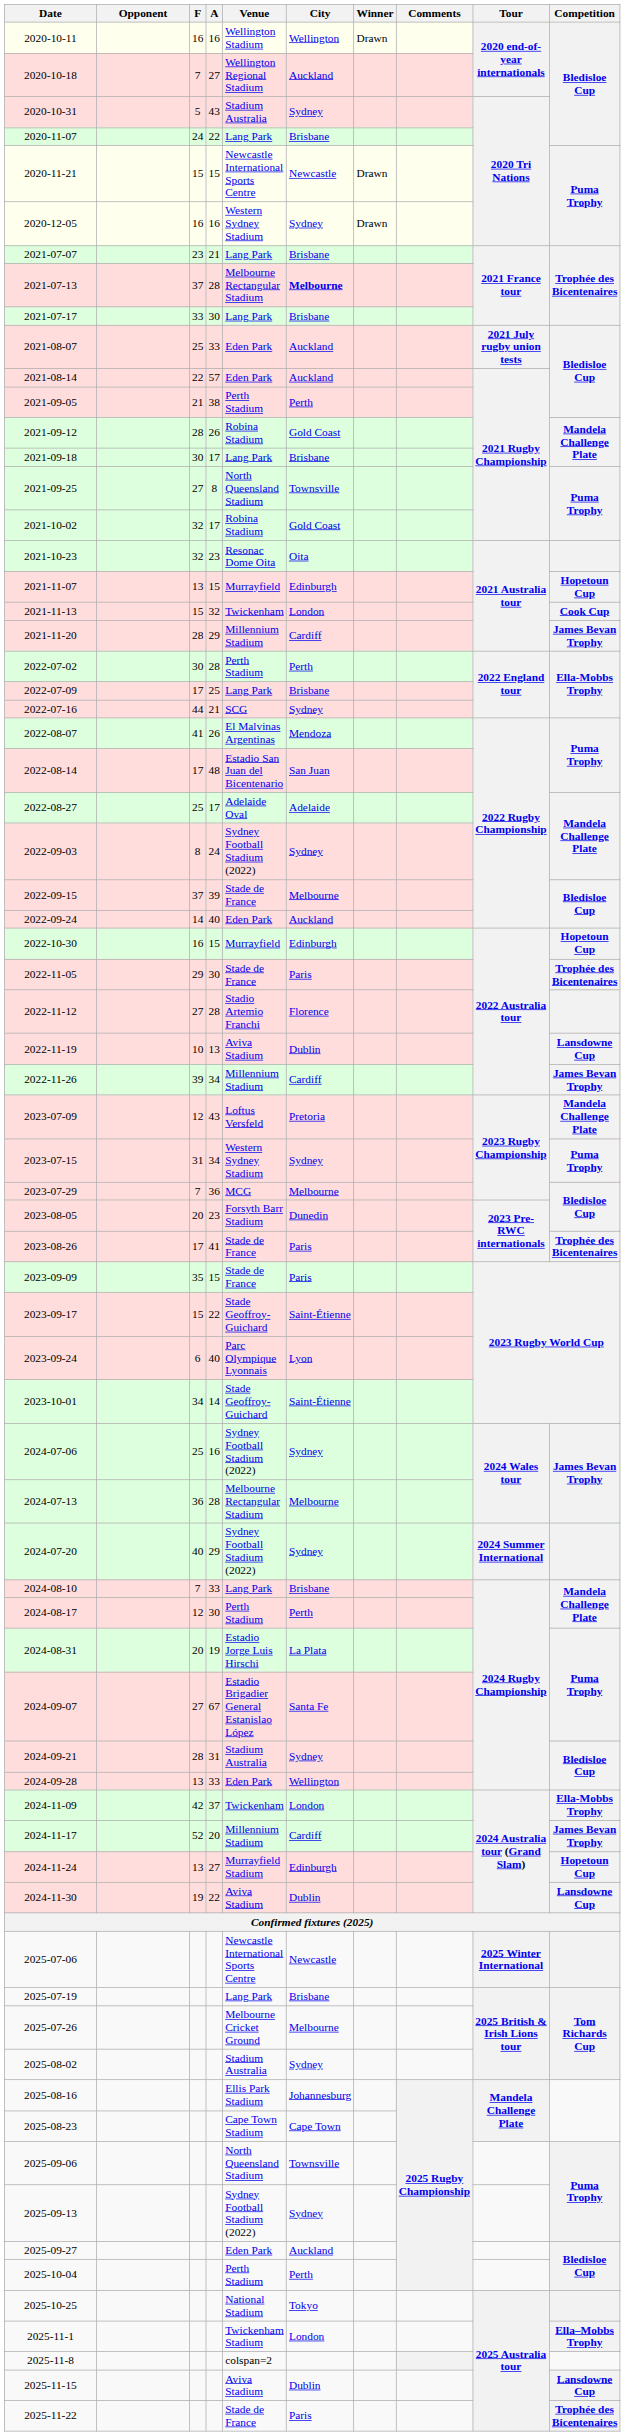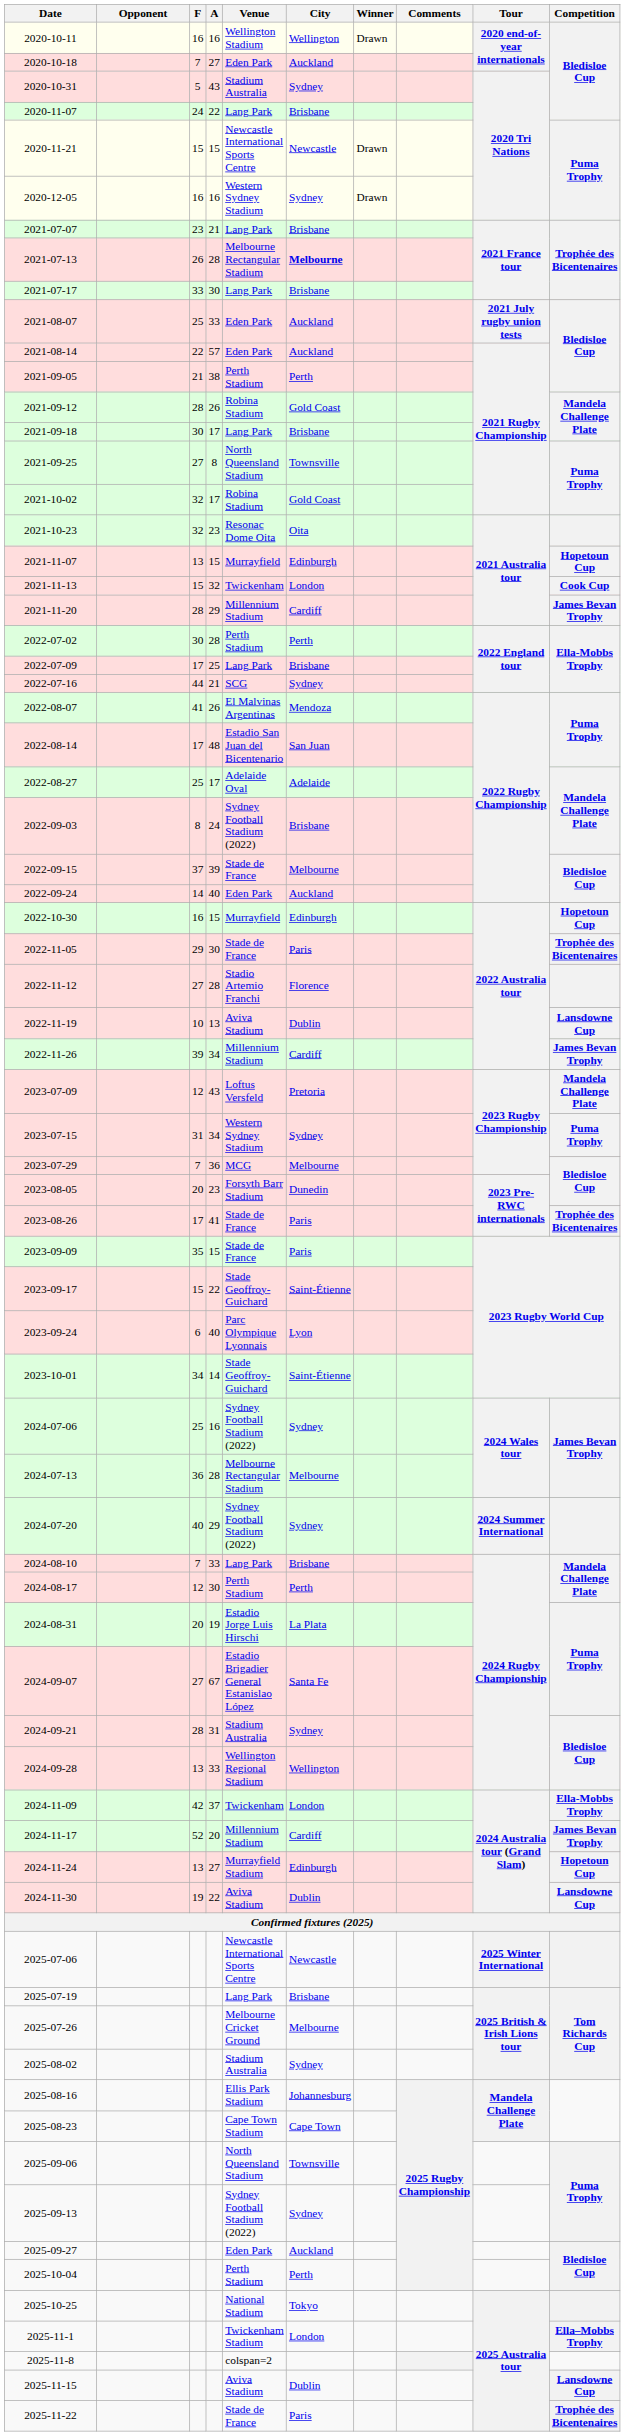 <table class="wikitable sortable">
 <tr>
 <th width=125>Date</th>
 <th width=125>Opponent</th>
 <th>F</th>
 <th>A</th>
 <th>Venue</th>
 <th>City</th>
 <th>Winner</th>
 <th>Comments</th>
 <th>Tour</th>
 <th>Competition</th>
 </tr>
 <tr bgcolor="#FFFFEE">
 <td align=center>2020-10-11</td>
 <td></td>
 <td align=center>16</td>
 <td align=center>16</td>
 <td><a href='#'>Wellington Stadium</a></td>
 <td> <a href='#'>Wellington</a></td>
 <td>Drawn</td>
 <td></td>
 <th rowspan=2 align=center><a href='#'>2020 end-of-year internationals</a></th>
 <th rowspan=4 align=center><a href='#'>Bledisloe Cup</a></th>
 </tr>
 <tr bgcolor="#ffdddd">
 <td align=center>2020-10-18</td>
 <td></td>
 <td align=center>7</td>
 <td align=center>27</td>
-<td><a href='#'>Wellington Regional Stadium</a></td>
+<td><a href='#'>Eden Park</a></td>
 <td> <a href='#'>Auckland</a></td>
 <td></td>
 <td></td>
 </tr>
 <tr bgcolor="#ffdddd">
 <td align=center>2020-10-31</td>
 <td></td>
 <td align=center>5</td>
 <td align=center>43</td>
 <td><a href='#'>Stadium Australia</a></td>
 <td> <a href='#'>Sydney</a></td>
 <td></td>
 <td></td>
 <th rowspan=4 align=center><a href='#'>2020 Tri Nations</a></th>
 </tr>
 <tr bgcolor="#ddffdd">
 <td align=center>2020-11-07</td>
 <td></td>
 <td align=center>24</td>
 <td align=center>22</td>
 <td><a href='#'>Lang Park</a></td>
 <td> <a href='#'>Brisbane</a></td>
 <td></td>
 <td></td>
 </tr>
 <tr bgcolor="#FFFFEE">
 <td align=center>2020-11-21</td>
 <td></td>
 <td align=center>15</td>
 <td align=center>15</td>
 <td><a href='#'>Newcastle International Sports Centre</a></td>
 <td> <a href='#'>Newcastle</a></td>
 <td>Drawn</td>
 <td></td>
 <th rowspan=2 align=center><a href='#'>Puma Trophy</a></th>
 </tr>
 <tr bgcolor="#FFFFEE">
 <td align=center>2020-12-05</td>
 <td></td>
 <td align=center>16</td>
 <td align=center>16</td>
 <td><a href='#'>Western Sydney Stadium</a></td>
 <td> <a href='#'>Sydney</a></td>
 <td>Drawn</td>
 <td></td>
 </tr>
 <tr bgcolor="#ddffdd">
 <td align=center>2021-07-07</td>
 <td></td>
 <td align=center>23</td>
 <td align=center>21</td>
 <td><a href='#'>Lang Park</a></td>
 <td> <a href='#'>Brisbane</a></td>
 <td></td>
 <td></td>
 <th rowspan=3 align=center><a href='#'>2021 France tour</a></th>
 <th rowspan=3 align=center><a href='#'>Trophée des Bicentenaires</a></th>
 </tr>
 <tr bgcolor="#ffdddd">
 <td align=center>2021-07-13</td>
 <td></td>
-<td align=center>37</td>
+<td align=center>26</td>
 <td align=center>28</td>
 <td><a href='#'>Melbourne Rectangular Stadium</a></td>
 <td><strong> <a href='#'>Melbourne</a></strong></td>
 <td></td>
 <td></td>
 </tr>
 <tr bgcolor="#ddffdd">
 <td align=center>2021-07-17</td>
 <td></td>
 <td align=center>33</td>
 <td align=center>30</td>
 <td><a href='#'>Lang Park</a></td>
 <td> <a href='#'>Brisbane</a></td>
 <td></td>
 <td></td>
 </tr>
 <tr bgcolor="#ffdddd">
 <td align=center>2021-08-07</td>
 <td></td>
 <td align=center>25</td>
 <td align=center>33</td>
 <td><a href='#'>Eden Park</a></td>
 <td> <a href='#'>Auckland</a></td>
 <td></td>
 <td></td>
 <th><a href='#'>2021 July rugby union tests</a></th>
 <th rowspan=3 align=center><a href='#'>Bledisloe Cup</a></th>
 </tr>
 <tr bgcolor="#ffdddd">
 <td align=center>2021-08-14</td>
 <td></td>
 <td align=center>22</td>
 <td align=center>57</td>
 <td><a href='#'>Eden Park</a></td>
 <td> <a href='#'>Auckland</a></td>
 <td></td>
 <td></td>
 <th rowspan=6 align=center><a href='#'>2021 Rugby Championship</a></th>
 </tr>
 <tr bgcolor="#ffdddd">
 <td align=center>2021-09-05</td>
 <td></td>
 <td align=center>21</td>
 <td align=center>38</td>
 <td><a href='#'>Perth Stadium</a></td>
 <td> <a href='#'>Perth</a></td>
 <td></td>
 <td></td>
 </tr>
 <tr bgcolor="#ddffdd">
 <td align=center>2021-09-12</td>
 <td></td>
 <td align=center>28</td>
 <td align=center>26</td>
 <td><a href='#'>Robina Stadium</a></td>
 <td> <a href='#'>Gold Coast</a></td>
 <td></td>
 <td></td>
 <th rowspan=2 align=center><a href='#'>Mandela Challenge Plate</a></th>
 </tr>
 <tr bgcolor="#ddffdd">
 <td align=center>2021-09-18</td>
 <td></td>
 <td align=center>30</td>
 <td align=center>17</td>
 <td><a href='#'>Lang Park</a></td>
 <td> <a href='#'>Brisbane</a></td>
 <td></td>
 <td></td>
 </tr>
 <tr bgcolor="#ddffdd">
 <td align=center>2021-09-25</td>
 <td></td>
 <td align=center>27</td>
 <td align=center>8</td>
 <td><a href='#'>North Queensland Stadium</a></td>
 <td> <a href='#'>Townsville</a></td>
 <td></td>
 <td></td>
 <th rowspan=2 align=center><a href='#'>Puma Trophy</a></th>
 </tr>
 <tr bgcolor="#ddffdd">
 <td align=center>2021-10-02</td>
 <td></td>
 <td align=center>32</td>
 <td align=center>17</td>
 <td><a href='#'>Robina Stadium</a></td>
 <td> <a href='#'>Gold Coast</a></td>
 <td></td>
 <td></td>
 </tr>
 <tr bgcolor="#ddffdd">
 <td align=center>2021-10-23</td>
 <td></td>
 <td align=center>32</td>
 <td align=center>23</td>
 <td><a href='#'>Resonac Dome Oita</a></td>
 <td> <a href='#'>Oita</a></td>
 <td></td>
 <td></td>
 <th rowspan=4 align=center><a href='#'>2021 Australia tour</a></th>
 <th></th>
 </tr>
 <tr bgcolor="#ffdddd">
 <td align=center>2021-11-07</td>
 <td></td>
 <td align=center>13</td>
 <td align=center>15</td>
 <td><a href='#'>Murrayfield</a></td>
 <td> <a href='#'>Edinburgh</a></td>
 <td></td>
 <td></td>
 <th align=center><a href='#'>Hopetoun Cup</a></th>
 </tr>
 <tr bgcolor="#ffdddd">
 <td align=center>2021-11-13</td>
 <td></td>
 <td align=center>15</td>
 <td align=center>32</td>
 <td><a href='#'>Twickenham</a></td>
 <td> <a href='#'>London</a></td>
 <td></td>
 <td></td>
 <th align=center><a href='#'>Cook Cup</a></th>
 </tr>
 <tr bgcolor="#ffdddd">
 <td align=center>2021-11-20</td>
 <td></td>
 <td align=center>28</td>
 <td align=center>29</td>
 <td><a href='#'>Millennium Stadium</a></td>
 <td> <a href='#'>Cardiff</a></td>
 <td></td>
 <td></td>
 <th align=center><a href='#'>James Bevan Trophy</a></th>
 </tr>
 <tr bgcolor="#ddffdd">
 <td align=center>2022-07-02</td>
 <td></td>
 <td align=center>30</td>
 <td align=center>28</td>
 <td><a href='#'>Perth Stadium</a></td>
 <td> <a href='#'>Perth</a></td>
 <td></td>
 <td></td>
 <th rowspan=3 align=center><a href='#'>2022 England tour</a></th>
 <th rowspan=3 align=center><a href='#'>Ella-Mobbs Trophy</a></th>
 </tr>
 <tr bgcolor="#ffdddd">
 <td align=center>2022-07-09</td>
 <td></td>
 <td align=center>17</td>
 <td align=center>25</td>
 <td><a href='#'>Lang Park</a></td>
 <td> <a href='#'>Brisbane</a></td>
 <td></td>
 <td></td>
 </tr>
 <tr bgcolor="#ffdddd">
 <td align=center>2022-07-16</td>
 <td></td>
 <td align=center>44</td>
 <td align=center>21</td>
 <td><a href='#'>SCG</a></td>
 <td> <a href='#'>Sydney</a></td>
 <td></td>
 <td></td>
 </tr>
 <tr bgcolor="#ddffdd">
 <td align=center>2022-08-07</td>
 <td></td>
 <td align=center>41</td>
 <td align=center>26</td>
 <td><a href='#'>El Malvinas Argentinas</a></td>
 <td> <a href='#'>Mendoza</a></td>
 <td></td>
 <td></td>
 <th rowspan=6 align=center><a href='#'>2022 Rugby Championship</a></th>
 <th rowspan=2 align=center><a href='#'>Puma Trophy</a></th>
 </tr>
 <tr bgcolor="#ffdddd">
 <td align=center>2022-08-14</td>
 <td></td>
 <td align=center>17</td>
 <td align=center>48</td>
 <td><a href='#'>Estadio San Juan del Bicentenario</a></td>
 <td> <a href='#'>San Juan</a></td>
 <td></td>
 <td></td>
 </tr>
 <tr bgcolor="#ddffdd">
 <td align=center>2022-08-27</td>
 <td></td>
 <td align=center>25</td>
 <td align=center>17</td>
 <td><a href='#'>Adelaide Oval</a></td>
 <td> <a href='#'>Adelaide</a></td>
 <td></td>
 <td></td>
 <th rowspan=2 align=center><a href='#'>Mandela Challenge Plate</a></th>
 </tr>
 <tr bgcolor="#ffdddd">
 <td align=center>2022-09-03</td>
 <td></td>
 <td align=center>8</td>
 <td align=center>24</td>
 <td><a href='#'>Sydney Football Stadium</a> (2022)</td>
-<td> <a href='#'>Sydney</a></td>
+<td> <a href='#'>Brisbane</a></td>
 <td></td>
 <td></td>
 </tr>
 <tr bgcolor="#ffdddd">
 <td align=center>2022-09-15</td>
 <td></td>
 <td align=center>37</td>
 <td align=center>39</td>
 <td><a href='#'>Stade de France</a></td>
 <td> <a href='#'>Melbourne</a></td>
 <td></td>
 <td></td>
 <th rowspan=2 align=center><a href='#'>Bledisloe Cup</a></th>
 </tr>
 <tr bgcolor="#ffdddd">
 <td align=center>2022-09-24</td>
 <td></td>
 <td align=center>14</td>
 <td align=center>40</td>
 <td><a href='#'>Eden Park</a></td>
 <td> <a href='#'>Auckland</a></td>
 <td></td>
 <td></td>
 </tr>
 <tr bgcolor="#ddffdd">
 <td align=center>2022-10-30</td>
 <td></td>
 <td align=center>16</td>
 <td align=center>15</td>
 <td><a href='#'>Murrayfield</a></td>
 <td> <a href='#'>Edinburgh</a></td>
 <td></td>
 <td></td>
 <th rowspan=5 align=center><a href='#'>2022 Australia tour</a></th>
 <th align=center><a href='#'>Hopetoun Cup</a></th>
 </tr>
 <tr bgcolor="#ffdddd">
 <td align=center>2022-11-05</td>
 <td></td>
 <td align=center>29</td>
 <td align=center>30</td>
 <td><a href='#'>Stade de France</a></td>
 <td> <a href='#'>Paris</a></td>
 <td></td>
 <td></td>
 <th align=center><a href='#'>Trophée des Bicentenaires</a></th>
 </tr>
 <tr bgcolor="#ffdddd">
 <td align=center>2022-11-12</td>
 <td></td>
 <td align=center>27</td>
 <td align=center>28</td>
 <td><a href='#'>Stadio Artemio Franchi</a></td>
 <td> <a href='#'>Florence</a></td>
 <td></td>
 <td></td>
 <th></th>
 </tr>
 <tr bgcolor="#ffdddd">
 <td align=center>2022-11-19</td>
 <td></td>
 <td align=center>10</td>
 <td align=center>13</td>
 <td><a href='#'>Aviva Stadium</a></td>
 <td> <a href='#'>Dublin</a></td>
 <td></td>
 <td></td>
 <th align=center><a href='#'>Lansdowne Cup</a></th>
 </tr>
 <tr bgcolor="#ddffdd">
 <td align=center>2022-11-26</td>
 <td></td>
 <td align=center>39</td>
 <td align=center>34</td>
 <td><a href='#'>Millennium Stadium</a></td>
 <td> <a href='#'>Cardiff</a></td>
 <td></td>
 <td></td>
 <th align=center><a href='#'>James Bevan Trophy</a></th>
 </tr>
 <tr bgcolor="#ffdddd">
 <td align=center>2023-07-09</td>
 <td></td>
 <td align=center>12</td>
 <td align=center>43</td>
 <td><a href='#'>Loftus Versfeld</a></td>
 <td> <a href='#'>Pretoria</a></td>
 <td></td>
 <td></td>
 <th rowspan=3 align=center><a href='#'>2023 Rugby Championship</a></th>
 <th align=center><a href='#'>Mandela Challenge Plate</a></th>
 </tr>
 <tr bgcolor="#ffdddd">
 <td align=center>2023-07-15</td>
 <td></td>
 <td align=center>31</td>
 <td align=center>34</td>
 <td><a href='#'>Western Sydney Stadium</a></td>
 <td> <a href='#'>Sydney</a></td>
 <td></td>
 <td></td>
 <th align=center><a href='#'>Puma Trophy</a></th>
 </tr>
 <tr bgcolor="#ffdddd">
 <td align=center>2023-07-29</td>
 <td></td>
 <td align=center>7</td>
 <td align=center>36</td>
 <td><a href='#'>MCG</a></td>
 <td> <a href='#'>Melbourne</a></td>
 <td></td>
 <td></td>
 <th rowspan=2 align=center><a href='#'>Bledisloe Cup</a></th>
 </tr>
 <tr bgcolor="#ffdddd">
 <td align=center>2023-08-05</td>
 <td></td>
 <td align=center>20</td>
 <td align=center>23</td>
 <td><a href='#'>Forsyth Barr Stadium</a></td>
 <td> <a href='#'>Dunedin</a></td>
 <td></td>
 <td></td>
 <th rowspan=2 align=center><a href='#'>2023 Pre-RWC internationals</a></th>
 </tr>
 <tr bgcolor="#ffdddd">
 <td align=center>2023-08-26</td>
 <td></td>
 <td align=center>17</td>
 <td align=center>41</td>
 <td><a href='#'>Stade de France</a></td>
 <td> <a href='#'>Paris</a></td>
 <td></td>
 <td></td>
 <th align=center><a href='#'>Trophée des Bicentenaires</a></th>
 </tr>
 <tr bgcolor="#ddffdd">
 <td align=center>2023-09-09</td>
 <td></td>
 <td align=center>35</td>
 <td align=center>15</td>
 <td><a href='#'>Stade de France</a></td>
 <td> <a href='#'>Paris</a></td>
 <td></td>
 <td></td>
 <th rowspan=4 colspan=2 align=center><a href='#'>2023 Rugby World Cup</a></th>
 </tr>
 <tr bgcolor="#ffdddd">
 <td align=center>2023-09-17</td>
 <td></td>
 <td align=center>15</td>
 <td align=center>22</td>
 <td><a href='#'>Stade Geoffroy-Guichard</a></td>
 <td> <a href='#'>Saint-Étienne</a></td>
 <td> </td>
 <td></td>
 </tr>
 <tr bgcolor="#ffdddd">
 <td align=center>2023-09-24</td>
 <td></td>
 <td align=center>6</td>
 <td align=center>40</td>
 <td><a href='#'>Parc Olympique Lyonnais</a></td>
 <td> <a href='#'>Lyon</a></td>
 <td></td>
 <td></td>
 </tr>
 <tr bgcolor="#ddffdd">
 <td align=center>2023-10-01</td>
 <td></td>
 <td align=center>34</td>
 <td align=center>14</td>
 <td><a href='#'>Stade Geoffroy-Guichard</a></td>
 <td> <a href='#'>Saint-Étienne</a></td>
 <td></td>
 <td></td>
 </tr>
 <tr bgcolor="#ddffdd">
 <td align=center>2024-07-06</td>
 <td></td>
 <td align=center>25</td>
 <td align=center>16</td>
 <td><a href='#'>Sydney Football Stadium</a> (2022)</td>
 <td> <a href='#'>Sydney</a></td>
 <td></td>
 <td></td>
 <th rowspan=2 align=center><a href='#'>2024 Wales tour</a></th>
 <th align=center rowspan=2><a href='#'>James Bevan Trophy</a></th>
 </tr>
 <tr bgcolor="#ddffdd">
 <td align=center>2024-07-13</td>
 <td></td>
 <td align=center>36</td>
 <td align=center>28</td>
 <td><a href='#'>Melbourne Rectangular Stadium</a></td>
 <td> <a href='#'>Melbourne</a></td>
 <td></td>
 <td></td>
 </tr>
 <tr bgcolor="#ddffdd">
 <td align=center>2024-07-20</td>
 <td></td>
 <td align=center>40</td>
 <td align=center>29</td>
 <td><a href='#'>Sydney Football Stadium</a> (2022)</td>
 <td> <a href='#'>Sydney</a></td>
 <td></td>
 <td></td>
 <th><a href='#'>2024 Summer International</a></th>
 <th></th>
 </tr>
 <tr bgcolor="#ffdddd">
 <td align=center>2024-08-10</td>
 <td></td>
 <td align=center>7</td>
 <td align=center>33</td>
 <td><a href='#'>Lang Park</a></td>
 <td> <a href='#'>Brisbane</a></td>
 <td></td>
 <td></td>
 <th rowspan=6 align=center><a href='#'>2024 Rugby Championship</a></th>
 <th align=center rowspan=2><a href='#'>Mandela Challenge Plate</a></th>
 </tr>
 <tr bgcolor="#ffdddd">
 <td align=center>2024-08-17</td>
 <td></td>
 <td align=center>12</td>
 <td align=center>30</td>
 <td><a href='#'>Perth Stadium</a></td>
 <td> <a href='#'>Perth</a></td>
 <td></td>
 <td></td>
 </tr>
 <tr bgcolor="#ddffdd">
 <td align=center>2024-08-31</td>
 <td></td>
 <td align=center>20</td>
 <td align=center>19</td>
 <td><a href='#'>Estadio Jorge Luis Hirschi</a></td>
 <td> <a href='#'>La Plata</a></td>
 <td></td>
 <td></td>
 <th align=center rowspan=2><a href='#'>Puma Trophy</a></th>
 </tr>
 <tr bgcolor="#ffdddd">
 <td align=center>2024-09-07</td>
 <td></td>
 <td align=center>27</td>
 <td align=center>67</td>
 <td><a href='#'>Estadio Brigadier General Estanislao López</a></td>
 <td> <a href='#'>Santa Fe</a></td>
 <td></td>
 <td></td>
 </tr>
 <tr bgcolor="#ffdddd">
 <td align=center>2024-09-21</td>
 <td></td>
 <td align=center>28</td>
 <td align=center>31</td>
 <td><a href='#'>Stadium Australia</a></td>
 <td> <a href='#'>Sydney</a></td>
 <td></td>
 <td></td>
 <th align=center rowspan=2><a href='#'>Bledisloe Cup</a></th>
 </tr>
 <tr bgcolor="#ffdddd">
 <td align=center>2024-09-28</td>
 <td></td>
 <td align=center>13</td>
 <td align=center>33</td>
-<td><a href='#'>Eden Park</a></td>
+<td><a href='#'>Wellington Regional Stadium</a></td>
 <td> <a href='#'>Wellington</a></td>
 <td></td>
 <td></td>
 </tr>
 <tr bgcolor="#ddffdd">
 <td align=center>2024-11-09</td>
 <td></td>
 <td align=center>42</td>
 <td align=center>37</td>
 <td><a href='#'>Twickenham</a></td>
 <td> <a href='#'>London</a></td>
 <td></td>
 <td></td>
 <th align=center rowspan=4><a href='#'>2024 Australia tour</a> (<a href='#'>Grand Slam</a>)</th>
 <th align=center><a href='#'>Ella-Mobbs Trophy</a></th>
 </tr>
 <tr bgcolor="#ddffdd">
 <td align=center>2024-11-17</td>
 <td></td>
 <td align=center>52</td>
 <td align=center>20</td>
 <td><a href='#'>Millennium Stadium</a></td>
 <td> <a href='#'>Cardiff</a></td>
 <td></td>
 <td></td>
 <th align=center><a href='#'>James Bevan Trophy</a></th>
 </tr>
 <tr bgcolor="#ffdddd">
 <td align=center>2024-11-24</td>
 <td></td>
 <td align=center>13</td>
 <td align=center>27</td>
 <td><a href='#'>Murrayfield Stadium</a></td>
 <td> <a href='#'>Edinburgh</a></td>
 <td></td>
 <td></td>
 <th align=center><a href='#'>Hopetoun Cup</a></th>
 </tr>
 <tr bgcolor="#ffdddd">
 <td align=center>2024-11-30</td>
 <td></td>
 <td align=center>19</td>
 <td align=center>22</td>
 <td><a href='#'>Aviva Stadium</a></td>
 <td> <a href='#'>Dublin</a></td>
 <td></td>
 <td></td>
 <th align=center><a href='#'>Lansdowne Cup</a></th>
 </tr>
 <tr>
 <th colspan=10><em>Confirmed fixtures (2025)</em></th>
 </tr>
 <tr>
 <td align=center>2025-07-06</td>
 <td></td>
 <td align=center></td>
 <td align=center></td>
 <td><a href='#'>Newcastle International Sports Centre</a></td>
 <td> <a href='#'>Newcastle</a></td>
 <td></td>
 <td></td>
 <th align=center><a href='#'>2025 Winter International</a></th>
 <th></th>
 </tr>
 <tr>
 <td align=center>2025-07-19</td>
 <td></td>
 <td align=center></td>
 <td align=center></td>
 <td><a href='#'>Lang Park</a></td>
 <td> <a href='#'>Brisbane</a></td>
 <td></td>
 <td></td>
 <th rowspan=3 align=center><a href='#'>2025 British & Irish Lions tour</a></th>
 <th rowspan=3 align=center><a href='#'>Tom Richards Cup</a></th>
 </tr>
 <tr>
 <td align=center>2025-07-26</td>
 <td></td>
 <td align=center></td>
 <td align=center></td>
 <td><a href='#'>Melbourne Cricket Ground</a></td>
 <td> <a href='#'>Melbourne</a></td>
 <td></td>
 <td></td>
 </tr>
 <tr>
 <td align=center>2025-08-02</td>
 <td></td>
 <td align=center></td>
 <td align=center></td>
 <td><a href='#'>Stadium Australia</a></td>
 <td> <a href='#'>Sydney</a></td>
 <td></td>
 <td></td>
 </tr>
 <tr>
 <td align=center>2025-08-16</td>
 <td></td>
 <td align=center></td>
 <td align=center></td>
 <td><a href='#'>Ellis Park Stadium</a></td>
 <td> <a href='#'>Johannesburg</a></td>
 <td></td>
 <th rowspan=6 align=center><a href='#'>2025 Rugby Championship</a></th>
 <th rowspan=2 align=center><a href='#'>Mandela Challenge Plate</a></th>
 </tr>
 <tr>
 <td align=center>2025-08-23</td>
 <td></td>
 <td align=center></td>
 <td align=center></td>
 <td><a href='#'>Cape Town Stadium</a></td>
 <td> <a href='#'>Cape Town</a></td>
 <td></td>
 </tr>
 <tr>
 <td align=center>2025-09-06</td>
 <td></td>
 <td align=center></td>
 <td align=center></td>
 <td><a href='#'>North Queensland Stadium</a></td>
 <td> <a href='#'>Townsville</a></td>
 <td></td>
 <td></td>
 <th rowspan=2 align=center><a href='#'>Puma Trophy</a></th>
 </tr>
 <tr>
 <td align=center>2025-09-13</td>
 <td></td>
 <td align=center></td>
 <td align=center></td>
 <td><a href='#'>Sydney Football Stadium</a> (2022)</td>
 <td> <a href='#'>Sydney</a></td>
 <td></td>
 <td></td>
 </tr>
 <tr>
 <td align=center>2025-09-27</td>
 <td></td>
 <td align=center></td>
 <td align=center></td>
 <td><a href='#'>Eden Park</a></td>
 <td> <a href='#'>Auckland</a></td>
 <td></td>
 <td></td>
 <th rowspan=2 align=center><a href='#'>Bledisloe Cup</a></th>
 </tr>
 <tr>
 <td align=center>2025-10-04</td>
 <td></td>
 <td align=center></td>
 <td align=center></td>
 <td><a href='#'>Perth Stadium</a></td>
 <td> <a href='#'>Perth</a></td>
 <td></td>
 <td></td>
 </tr>
 <tr>
 <td align=center>2025-10-25</td>
 <td></td>
 <td align=center></td>
 <td align=center></td>
 <td><a href='#'>National Stadium</a></td>
 <td> <a href='#'>Tokyo</a></td>
 <td></td>
 <td></td>
 <th rowspan=5 align=center><a href='#'>2025 Australia tour</a></th>
 <th></th>
 </tr>
 <tr>
 <td align=center>2025-11-1</td>
 <td></td>
 <td align=center></td>
 <td align=center></td>
 <td><a href='#'>Twickenham Stadium</a></td>
 <td> <a href='#'>London</a></td>
 <td></td>
 <td></td>
 <th><a href='#'>Ella–Mobbs Trophy</a></th>
 </tr>
 <tr>
 <td align=center>2025-11-8</td>
 <td></td>
 <td align=center></td>
 <td align=center></td>
 <td>colspan=2 </td>
 <td></td>
 <td></td>
 <th></th>
 </tr>
 <tr>
 <td align=center>2025-11-15</td>
 <td></td>
 <td align=center></td>
 <td align=center></td>
 <td><a href='#'>Aviva Stadium</a></td>
 <td> <a href='#'>Dublin</a></td>
 <td></td>
 <td></td>
 <th><a href='#'>Lansdowne Cup</a></th>
 </tr>
 <tr>
 <td align=center>2025-11-22</td>
 <td></td>
 <td align=center></td>
 <td align=center></td>
 <td><a href='#'>Stade de France</a></td>
 <td> <a href='#'>Paris</a></td>
 <td></td>
 <td></td>
 <th><a href='#'>Trophée des Bicentenaires</a></th>
 </tr>
 </table>
